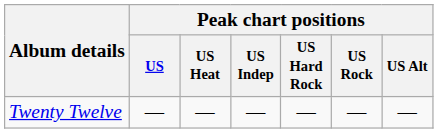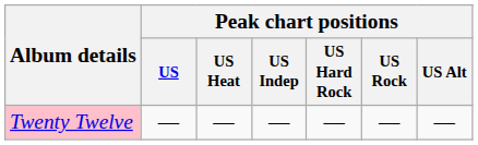 <table class="wikitable" style="text-align:center;">
 <tr>
 <th rowspan="2">Album details</th>
 <th colspan="19">Peak chart positions</th>
 </tr>
 <tr>
 <th style="width:3em;font-size:75%"><a href='#'>US</a></th>
 <th style="width:3em;font-size:75%">US Heat</th>
 <th style="width:3em;font-size:75%">US Indep</th>
 <th style="width:3em;font-size:75%">US Hard Rock</th>
 <th style="width:3em;font-size:75%">US Rock</th>
 <th style="width:3em;font-size:75%">US Alt</th>
 </tr>
 <tr>
-<td align=left><em><a href='#'>Twenty Twelve</a></em><br></td>
+<td align=left style="background: pink;"><em><a href='#'>Twenty Twelve</a></em><br></td>
 <td>—</td>
 <td>—</td>
 <td>—</td>
 <td>—</td>
 <td>—</td>
 <td>—</td>
 </tr>
 </table>
